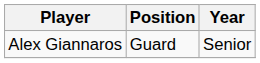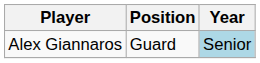 <table class="wikitable" border="1">
 <tr align=center>
 <th>Player</th>
 <th>Position</th>
 <th>Year</th>
 </tr>
 <tr>
 <td>Alex Giannaros</td>
 <td>Guard</td>
-<td>Senior</td>
+<td style="background: lightblue;">Senior</td>
 </tr>
 <tr>
 </tr>
 </table>
